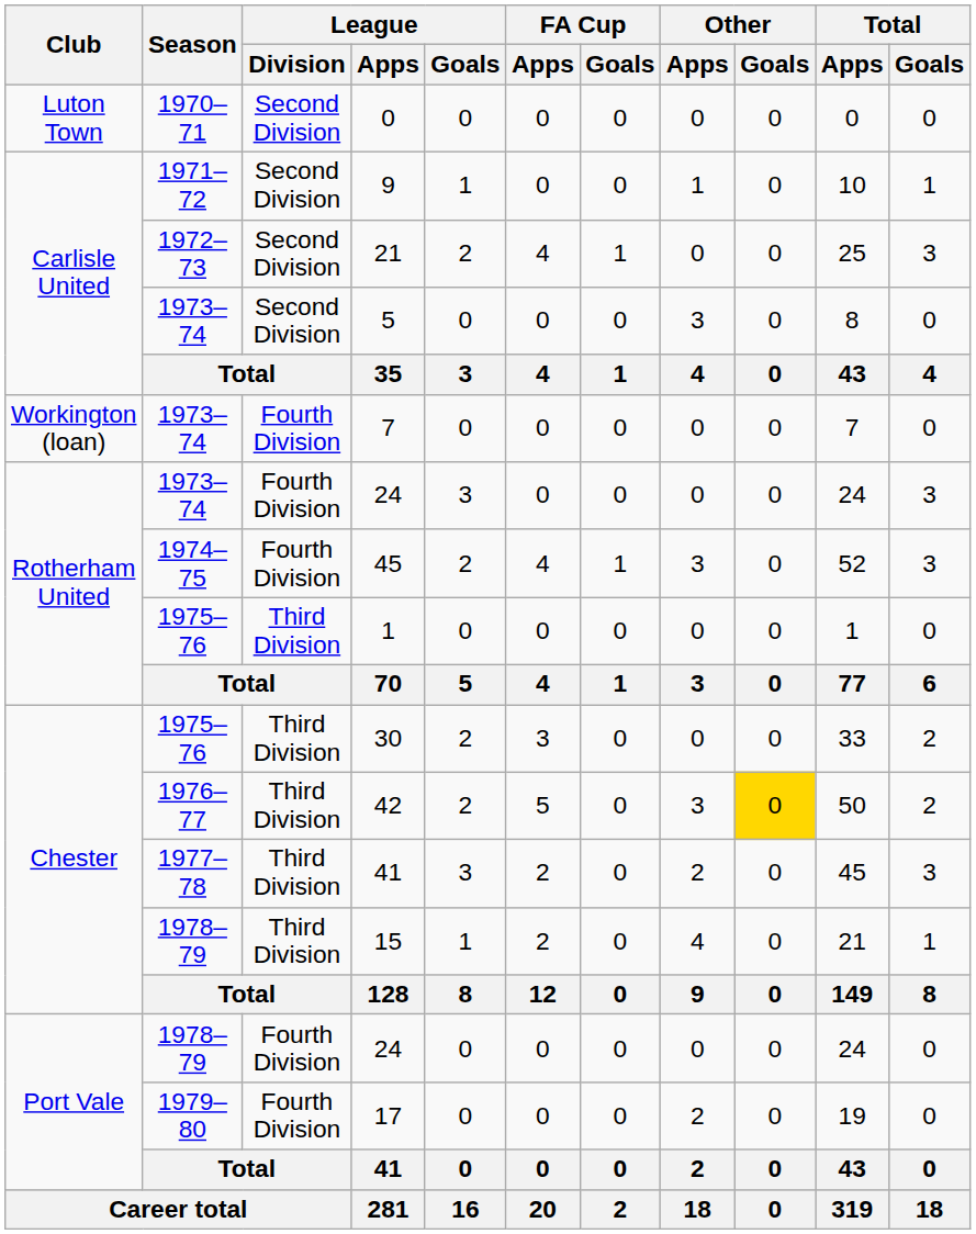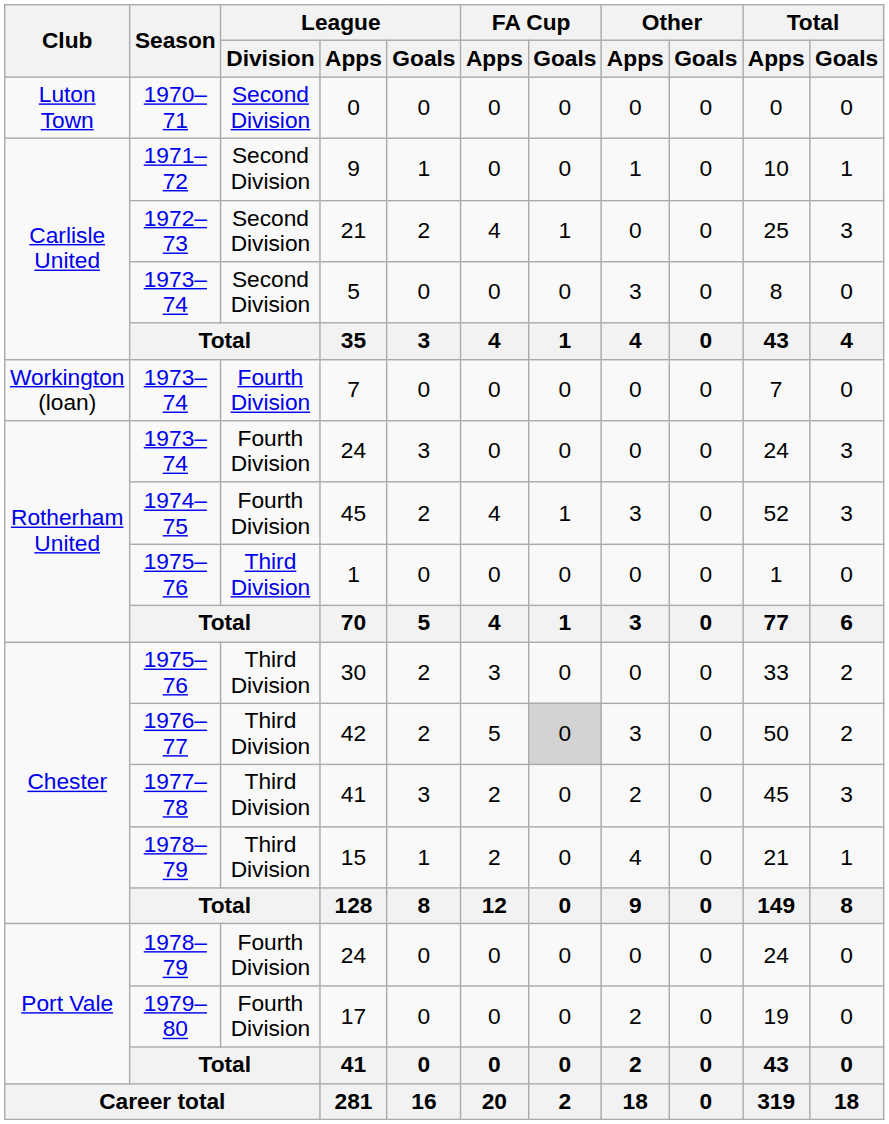 <table class="wikitable" style="text-align: center;">
 <tr>
 <th rowspan="2">Club</th>
 <th rowspan="2">Season</th>
 <th colspan="3">League</th>
 <th colspan="2">FA Cup</th>
 <th colspan="2">Other</th>
 <th colspan="2">Total</th>
 </tr>
 <tr>
 <th>Division</th>
 <th>Apps</th>
 <th>Goals</th>
 <th>Apps</th>
 <th>Goals</th>
 <th>Apps</th>
 <th>Goals</th>
 <th>Apps</th>
 <th>Goals</th>
 </tr>
 <tr>
 <td><a href='#'>Luton Town</a></td>
 <td><a href='#'>1970–71</a></td>
 <td><a href='#'>Second Division</a></td>
 <td>0</td>
 <td>0</td>
 <td>0</td>
 <td>0</td>
 <td>0</td>
 <td>0</td>
 <td>0</td>
 <td>0</td>
 </tr>
 <tr>
 <td rowspan="4"><a href='#'>Carlisle United</a></td>
 <td><a href='#'>1971–72</a></td>
 <td>Second Division</td>
 <td>9</td>
 <td>1</td>
 <td>0</td>
 <td>0</td>
 <td>1</td>
 <td>0</td>
 <td>10</td>
 <td>1</td>
 </tr>
 <tr>
 <td><a href='#'>1972–73</a></td>
 <td>Second Division</td>
 <td>21</td>
 <td>2</td>
 <td>4</td>
 <td>1</td>
 <td>0</td>
 <td>0</td>
 <td>25</td>
 <td>3</td>
 </tr>
 <tr>
 <td><a href='#'>1973–74</a></td>
 <td>Second Division</td>
 <td>5</td>
 <td>0</td>
 <td>0</td>
 <td>0</td>
 <td>3</td>
 <td>0</td>
 <td>8</td>
 <td>0</td>
 </tr>
 <tr>
 <th colspan="2">Total</th>
 <th>35</th>
 <th>3</th>
 <th>4</th>
 <th>1</th>
 <th>4</th>
 <th>0</th>
 <th>43</th>
 <th>4</th>
 </tr>
 <tr>
 <td><a href='#'>Workington</a> (loan)</td>
 <td><a href='#'>1973–74</a></td>
 <td><a href='#'>Fourth Division</a></td>
 <td>7</td>
 <td>0</td>
 <td>0</td>
 <td>0</td>
 <td>0</td>
 <td>0</td>
 <td>7</td>
 <td>0</td>
 </tr>
 <tr>
 <td rowspan="4"><a href='#'>Rotherham United</a></td>
 <td><a href='#'>1973–74</a></td>
 <td>Fourth Division</td>
 <td>24</td>
 <td>3</td>
 <td>0</td>
 <td>0</td>
 <td>0</td>
 <td>0</td>
 <td>24</td>
 <td>3</td>
 </tr>
 <tr>
 <td><a href='#'>1974–75</a></td>
 <td>Fourth Division</td>
 <td>45</td>
 <td>2</td>
 <td>4</td>
 <td>1</td>
 <td>3</td>
 <td>0</td>
 <td>52</td>
 <td>3</td>
 </tr>
 <tr>
 <td><a href='#'>1975–76</a></td>
 <td><a href='#'>Third Division</a></td>
 <td>1</td>
 <td>0</td>
 <td>0</td>
 <td>0</td>
 <td>0</td>
 <td>0</td>
 <td>1</td>
 <td>0</td>
 </tr>
 <tr>
 <th colspan="2">Total</th>
 <th>70</th>
 <th>5</th>
 <th>4</th>
 <th>1</th>
 <th>3</th>
 <th>0</th>
 <th>77</th>
 <th>6</th>
 </tr>
 <tr>
 <td rowspan="5"><a href='#'>Chester</a></td>
 <td><a href='#'>1975–76</a></td>
 <td>Third Division</td>
 <td>30</td>
 <td>2</td>
 <td>3</td>
 <td>0</td>
 <td>0</td>
 <td>0</td>
 <td>33</td>
 <td>2</td>
 </tr>
 <tr>
 <td><a href='#'>1976–77</a></td>
 <td>Third Division</td>
 <td>42</td>
 <td>2</td>
 <td>5</td>
+<td style="background: lightgrey;">0</td>
+<td>3</td>
 <td>0</td>
-<td>3</td>
-<td style="background: gold;">0</td>
 <td>50</td>
 <td>2</td>
 </tr>
 <tr>
 <td><a href='#'>1977–78</a></td>
 <td>Third Division</td>
 <td>41</td>
 <td>3</td>
 <td>2</td>
 <td>0</td>
 <td>2</td>
 <td>0</td>
 <td>45</td>
 <td>3</td>
 </tr>
 <tr>
 <td><a href='#'>1978–79</a></td>
 <td>Third Division</td>
 <td>15</td>
 <td>1</td>
 <td>2</td>
 <td>0</td>
 <td>4</td>
 <td>0</td>
 <td>21</td>
 <td>1</td>
 </tr>
 <tr>
 <th colspan="2">Total</th>
 <th>128</th>
 <th>8</th>
 <th>12</th>
 <th>0</th>
 <th>9</th>
 <th>0</th>
 <th>149</th>
 <th>8</th>
 </tr>
 <tr>
 <td rowspan="3"><a href='#'>Port Vale</a></td>
 <td><a href='#'>1978–79</a></td>
 <td>Fourth Division</td>
 <td>24</td>
 <td>0</td>
 <td>0</td>
 <td>0</td>
 <td>0</td>
 <td>0</td>
 <td>24</td>
 <td>0</td>
 </tr>
 <tr>
 <td><a href='#'>1979–80</a></td>
 <td>Fourth Division</td>
 <td>17</td>
 <td>0</td>
 <td>0</td>
 <td>0</td>
 <td>2</td>
 <td>0</td>
 <td>19</td>
 <td>0</td>
 </tr>
 <tr>
 <th colspan="2">Total</th>
 <th>41</th>
 <th>0</th>
 <th>0</th>
 <th>0</th>
 <th>2</th>
 <th>0</th>
 <th>43</th>
 <th>0</th>
 </tr>
 <tr>
 <th colspan="3">Career total</th>
 <th>281</th>
 <th>16</th>
 <th>20</th>
 <th>2</th>
 <th>18</th>
 <th>0</th>
 <th>319</th>
 <th>18</th>
 </tr>
 </table>
